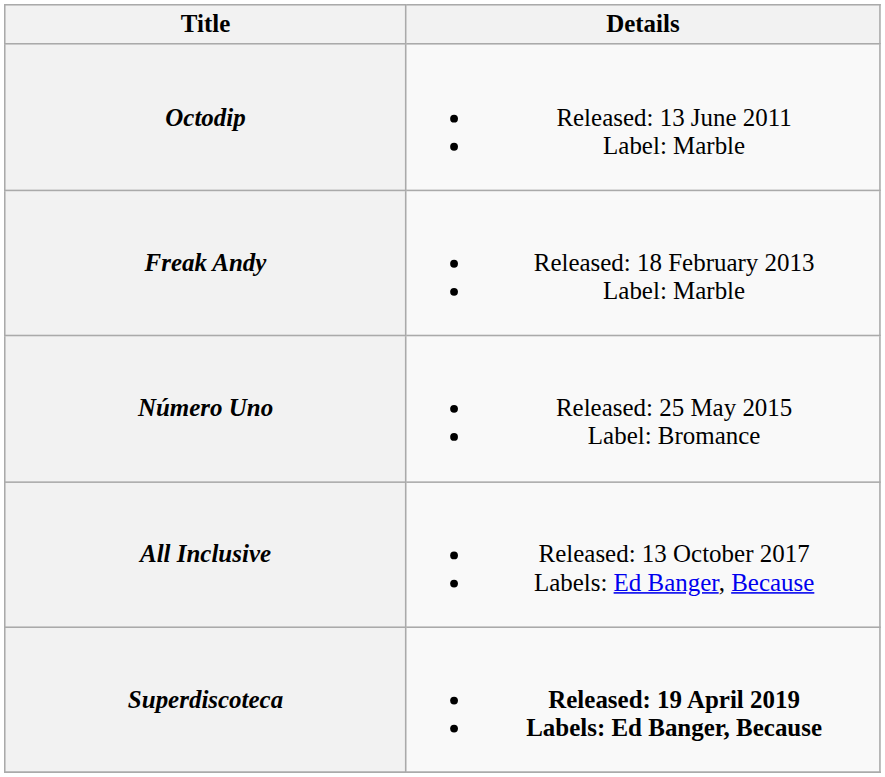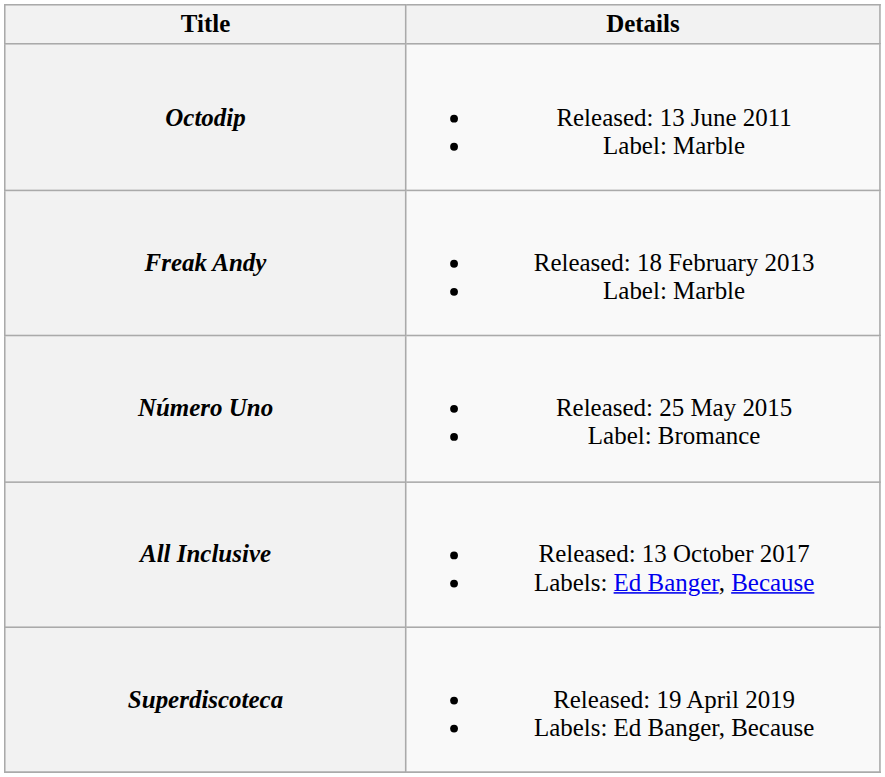 <table class="wikitable plainrowheaders" style="text-align:center;">
 <tr>
 <th scope="col" style="width:250px;">Title</th>
 <th scope="col" style="width:18.5em;">Details</th>
 </tr>
 <tr>
 <th scope="row"><em>Octodip</em></th>
 <td><br><ul><li>Released: 13 June 2011</li><li>Label: Marble</li></ul></td>
 </tr>
 <tr>
 <th scope="row"><em>Freak Andy</em></th>
 <td><br><ul><li>Released: 18 February 2013</li><li>Label: Marble</li></ul></td>
 </tr>
 <tr>
 <th scope="row"><em>Número Uno</em></th>
 <td><br><ul><li>Released: 25 May 2015</li><li>Label: Bromance</li></ul></td>
 </tr>
 <tr>
 <th scope="row"><em>All Inclusive</em></th>
 <td><br><ul><li>Released: 13 October 2017</li><li>Labels: <a href='#'>Ed Banger</a>, <a href='#'>Because</a></li></ul></td>
 </tr>
 <tr>
 <th scope="row"><em>Superdiscoteca</em></th>
-<td><strong><br><ul><li>Released: 19 April 2019</li><li>Labels: Ed Banger, Because</li></ul></strong></td>
+<td><br><ul><li>Released: 19 April 2019</li><li>Labels: Ed Banger, Because</li></ul></td>
 </tr>
 <tr>
 </tr>
 </table>
